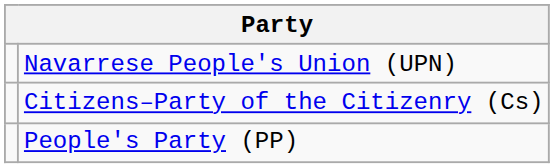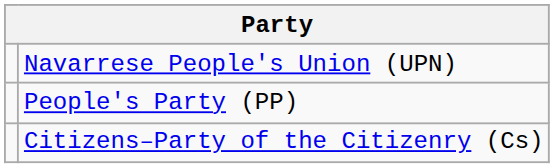 <table class="wikitable" style="text-align:left;">
 <tr>
 <th colspan="2">Party</th>
 </tr>
 <tr>
 <td width="1"></td>
 <td><a href='#'>Navarrese People's Union</a> (UPN)</td>
 </tr>
 <tr>
 <td></td>
-<td><a href='#'>Citizens–Party of the Citizenry</a> (Cs)</td>
+<td><a href='#'>People's Party</a> (PP)</td>
 </tr>
 <tr>
 <td></td>
-<td><a href='#'>People's Party</a> (PP)</td>
+<td><a href='#'>Citizens–Party of the Citizenry</a> (Cs)</td>
 </tr>
 </table>
